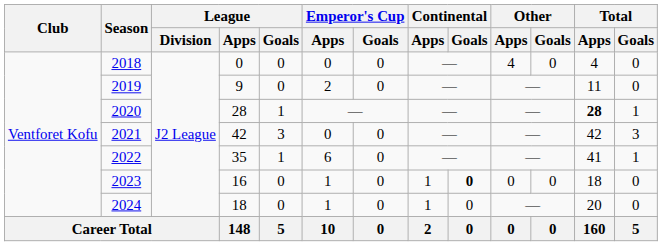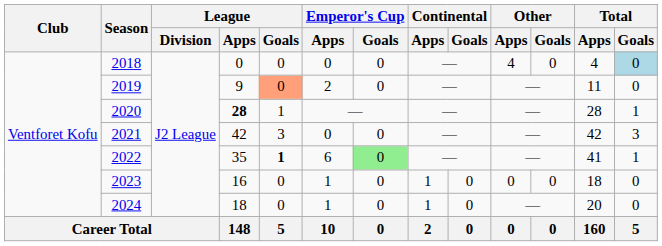 <table class="wikitable" style="text-align:center">
 <tr>
 <th rowspan="2">Club</th>
 <th rowspan="2">Season</th>
 <th colspan="3">League</th>
 <th colspan="2"><a href='#'>Emperor's Cup</a></th>
 <th colspan="2">Continental</th>
 <th colspan="2">Other</th>
 <th colspan="2">Total</th>
 </tr>
 <tr>
 <th>Division</th>
 <th>Apps</th>
 <th>Goals</th>
 <th>Apps</th>
 <th>Goals</th>
 <th>Apps</th>
 <th>Goals</th>
 <th>Apps</th>
 <th>Goals</th>
 <th>Apps</th>
 <th>Goals</th>
 </tr>
 <tr>
 <td rowspan="7"><a href='#'>Ventforet Kofu</a></td>
 <td><a href='#'>2018</a></td>
 <td rowspan="7"><a href='#'>J2 League</a></td>
 <td>0</td>
 <td>0</td>
 <td>0</td>
 <td>0</td>
 <td colspan="2">—</td>
 <td>4</td>
 <td>0</td>
 <td>4</td>
-<td>0</td>
+<td style="background: lightblue;">0</td>
 </tr>
 <tr>
 <td><a href='#'>2019</a></td>
 <td>9</td>
-<td>0</td>
+<td style="background: lightsalmon;">0</td>
 <td>2</td>
 <td>0</td>
 <td colspan="2">—</td>
 <td colspan="2">—</td>
 <td>11</td>
 <td>0</td>
 </tr>
 <tr>
 <td><a href='#'>2020</a></td>
-<td>28</td>
+<td><strong>28</strong></td>
 <td>1</td>
 <td colspan="2">—</td>
 <td colspan="2">—</td>
 <td colspan="2">—</td>
-<td><strong>28</strong></td>
+<td>28</td>
 <td>1</td>
 </tr>
 <tr>
 <td><a href='#'>2021</a></td>
 <td>42</td>
 <td>3</td>
 <td>0</td>
 <td>0</td>
 <td colspan="2">—</td>
 <td colspan="2">—</td>
 <td>42</td>
 <td>3</td>
 </tr>
 <tr>
 <td><a href='#'>2022</a></td>
 <td>35</td>
-<td>1</td>
+<td><strong>1</strong></td>
 <td>6</td>
-<td>0</td>
+<td style="background: lightgreen;">0</td>
 <td colspan="2">—</td>
 <td colspan="2">—</td>
 <td>41</td>
 <td>1</td>
 </tr>
 <tr>
 <td><a href='#'>2023</a></td>
 <td>16</td>
 <td>0</td>
 <td>1</td>
 <td>0</td>
 <td>1</td>
-<td><strong>0</strong></td>
+<td>0</td>
 <td>0</td>
 <td>0</td>
 <td>18</td>
 <td>0</td>
 </tr>
 <tr>
 <td><a href='#'>2024</a></td>
 <td>18</td>
 <td>0</td>
 <td>1</td>
 <td>0</td>
 <td>1</td>
 <td>0</td>
 <td colspan="2">—</td>
 <td>20</td>
 <td>0</td>
 </tr>
 <tr>
 <th colspan="3">Career Total</th>
 <th>148</th>
 <th>5</th>
 <th>10</th>
 <th>0</th>
 <th>2</th>
 <th>0</th>
 <th>0</th>
 <th>0</th>
 <th>160</th>
 <th>5</th>
 </tr>
 </table>
